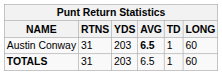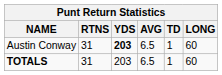 <table class="wikitable sortable collapsible collapsed">
 <tr>
 <th colspan="8">Punt Return Statistics</th>
 </tr>
 <tr>
 <th>NAME</th>
 <th>RTNS</th>
 <th>YDS</th>
 <th>AVG</th>
 <th>TD</th>
 <th>LONG</th>
 </tr>
 <tr>
 <td>Austin Conway</td>
 <td>31</td>
-<td>203</td>
-<td><strong>6.5</strong></td>
+<td><strong>203</strong></td>
+<td>6.5</td>
 <td>1</td>
 <td>60</td>
 </tr>
 <tr>
 <td><strong>TOTALS</strong></td>
 <td>31</td>
 <td>203</td>
 <td>6.5</td>
 <td>1</td>
 <td>60</td>
 </tr>
 </table>
